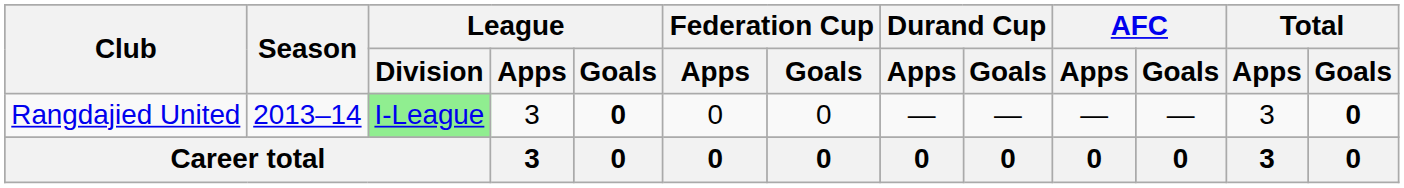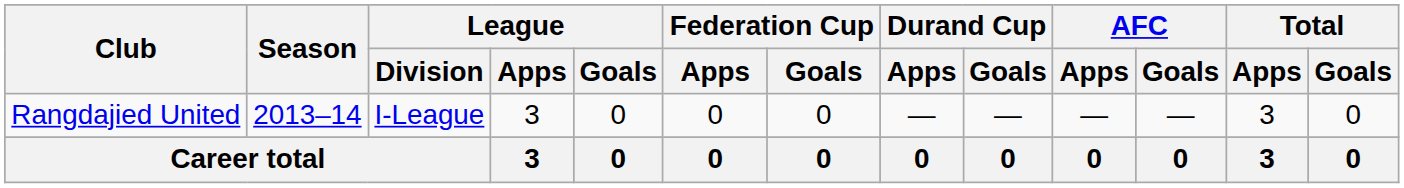 <table class="wikitable" style="text-align: center;">
 <tr>
 <th rowspan="2">Club</th>
 <th rowspan="2">Season</th>
 <th colspan="3">League</th>
 <th colspan="2">Federation Cup</th>
 <th colspan="2">Durand Cup</th>
 <th colspan="2"><a href='#'>AFC</a></th>
 <th colspan="2">Total</th>
 </tr>
 <tr>
 <th>Division</th>
 <th>Apps</th>
 <th>Goals</th>
 <th>Apps</th>
 <th>Goals</th>
 <th>Apps</th>
 <th>Goals</th>
 <th>Apps</th>
 <th>Goals</th>
 <th>Apps</th>
 <th>Goals</th>
 </tr>
 <tr>
 <td rowspan="1"><a href='#'>Rangdajied United</a></td>
 <td><a href='#'>2013–14</a></td>
-<td style="background: lightgreen;"><a href='#'>I-League</a></td>
+<td><a href='#'>I-League</a></td>
 <td>3</td>
-<td><strong>0</strong></td>
+<td>0</td>
 <td>0</td>
 <td>0</td>
 <td>—</td>
 <td>—</td>
 <td>—</td>
 <td>—</td>
 <td>3</td>
-<td><strong>0</strong></td>
+<td>0</td>
 </tr>
 <tr>
 <th colspan="3">Career total</th>
 <th>3</th>
 <th>0</th>
 <th>0</th>
 <th>0</th>
 <th>0</th>
 <th>0</th>
 <th>0</th>
 <th>0</th>
 <th>3</th>
 <th>0</th>
 </tr>
 </table>
